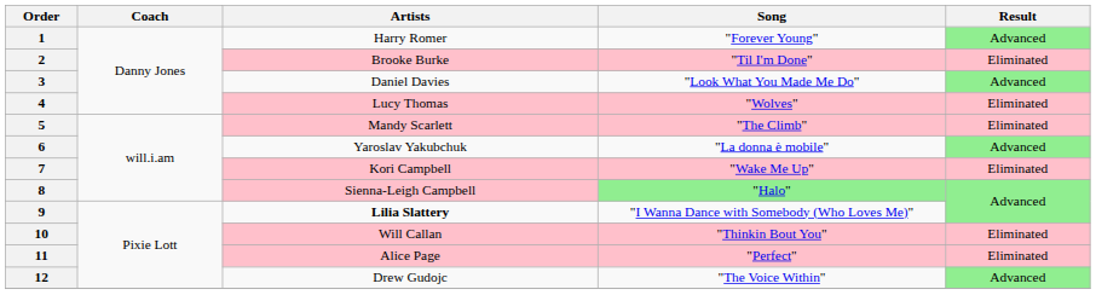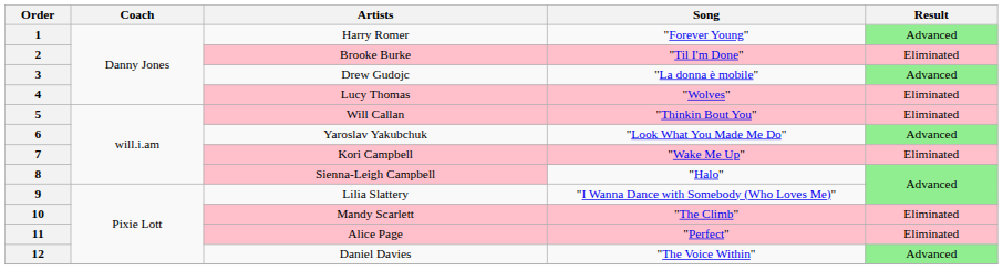 <table class="wikitable" style="text-align:center; width:100%;”">
 <tr>
 <th style="width:05%;">Order</th>
 <th style="width:10%;">Coach</th>
 <th style="width:26%;">Artists</th>
 <th style="width:24%;">Song</th>
 <th style="width:10%;">Result</th>
 </tr>
 <tr>
 <th scope="col">1</th>
 <td rowspan="4">Danny Jones</td>
 <td>Harry Romer</td>
 <td>"<a href='#'>Forever Young</a>"</td>
 <td style="background:lightgreen;text-align:center;">Advanced</td>
 </tr>
 <tr>
 <th scope="col">2</th>
 <td style="background:pink;text-align:center;">Brooke Burke</td>
 <td style="background:pink;text-align:center;">"<a href='#'>Til I'm Done</a>"</td>
 <td style="background:pink;text-align:center;">Eliminated</td>
 </tr>
 <tr>
 <th scope="col">3</th>
-<td>Daniel Davies</td>
-<td>"<a href='#'>Look What You Made Me Do</a>"</td>
+<td>Drew Gudojc</td>
+<td>"<a href='#'>La donna è mobile</a>"</td>
 <td style="background:lightgreen;text-align:center;">Advanced</td>
 </tr>
 <tr>
 <th scope="col">4</th>
 <td style="background:pink;text-align:center;">Lucy Thomas</td>
 <td style="background:pink;text-align:center;">"<a href='#'>Wolves</a>"</td>
 <td style="background:pink;text-align:center;">Eliminated</td>
 </tr>
 <tr>
 <th scope="col">5</th>
 <td rowspan="4">will.i.am</td>
-<td style="background:pink;text-align:center;">Mandy Scarlett</td>
-<td style="background:pink;text-align:center;">"<a href='#'>The Climb</a>"</td>
+<td style="background:pink;text-align:center;">Will Callan</td>
+<td style="background:pink;text-align:center;">"<a href='#'>Thinkin Bout You</a>"</td>
 <td style="background:pink;text-align:center;">Eliminated</td>
 </tr>
 <tr>
 <th scope="col">6</th>
 <td>Yaroslav Yakubchuk</td>
-<td>"<a href='#'>La donna è mobile</a>"</td>
+<td>"<a href='#'>Look What You Made Me Do</a>"</td>
 <td style="background:lightgreen;text-align:center;">Advanced</td>
 </tr>
 <tr>
 <th scope="col">7</th>
 <td style="background:pink;text-align:center;">Kori Campbell</td>
 <td style="background:pink;text-align:center;">"<a href='#'>Wake Me Up</a>"</td>
 <td style="background:pink;text-align:center;">Eliminated</td>
 </tr>
 <tr>
 <th scope="col">8</th>
 <td style="background: pink;">Sienna-Leigh Campbell</td>
-<td style="background: lightgreen;">"<a href='#'>Halo</a>"</td>
+<td>"<a href='#'>Halo</a>"</td>
 <td rowspan="2" style="background:lightgreen;text-align:center;">Advanced</td>
 </tr>
 <tr>
 <th scope="col">9</th>
 <td rowspan="4">Pixie Lott</td>
-<td><strong>Lilia Slattery</strong></td>
+<td>Lilia Slattery</td>
 <td>"<a href='#'>I Wanna Dance with Somebody (Who Loves Me)</a>"</td>
 </tr>
 <tr>
 <th scope="col">10</th>
-<td style="background:pink;text-align:center;">Will Callan</td>
-<td style="background:pink;text-align:center;">"<a href='#'>Thinkin Bout You</a>"</td>
+<td style="background:pink;text-align:center;">Mandy Scarlett</td>
+<td style="background:pink;text-align:center;">"<a href='#'>The Climb</a>"</td>
 <td style="background:pink;text-align:center;">Eliminated</td>
 </tr>
 <tr>
 <th scope="col">11</th>
 <td style="background:pink;text-align:center;">Alice Page</td>
 <td style="background:pink;text-align:center;">"<a href='#'>Perfect</a>"</td>
 <td style="background:pink;text-align:center;">Eliminated</td>
 </tr>
 <tr>
 <th scope="col">12</th>
-<td>Drew Gudojc</td>
+<td>Daniel Davies</td>
 <td>"<a href='#'>The Voice Within</a>"</td>
 <td style="background:lightgreen;text-align:center;">Advanced</td>
 </tr>
 <tr>
 </tr>
 </table>
